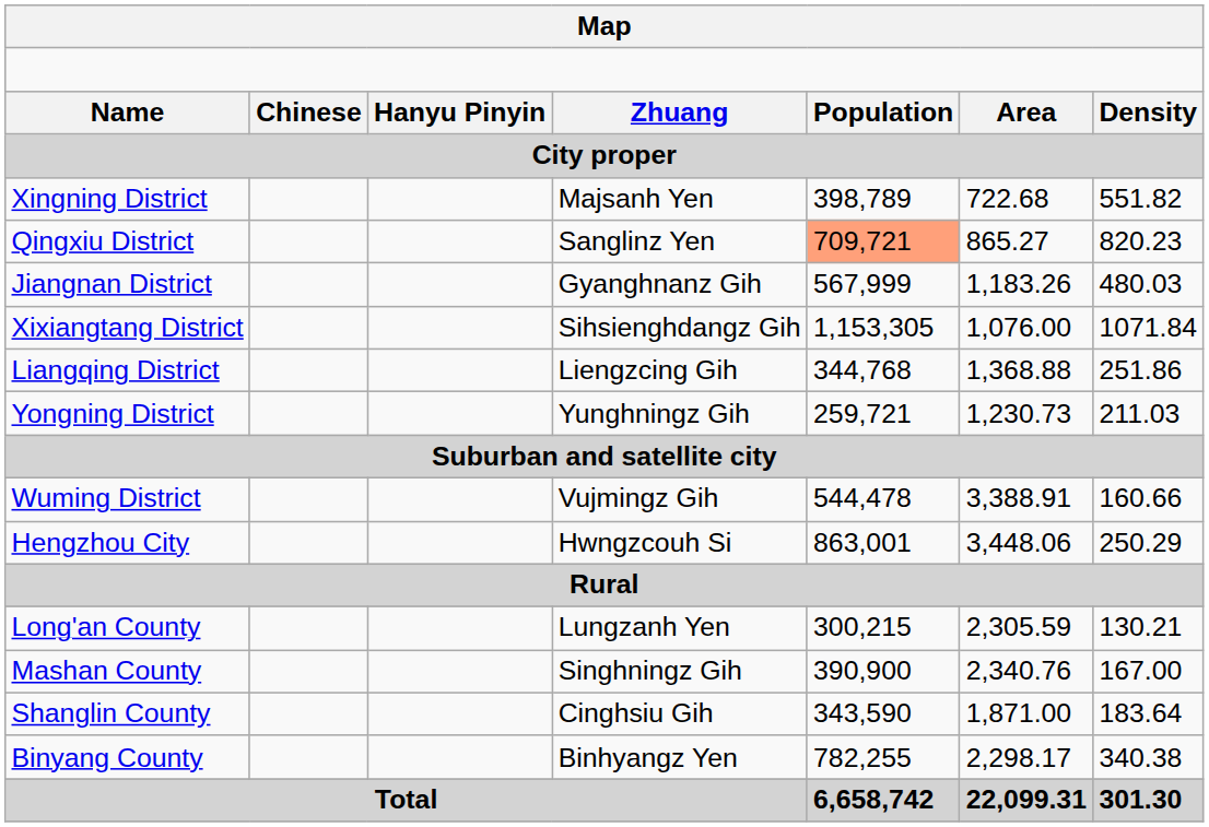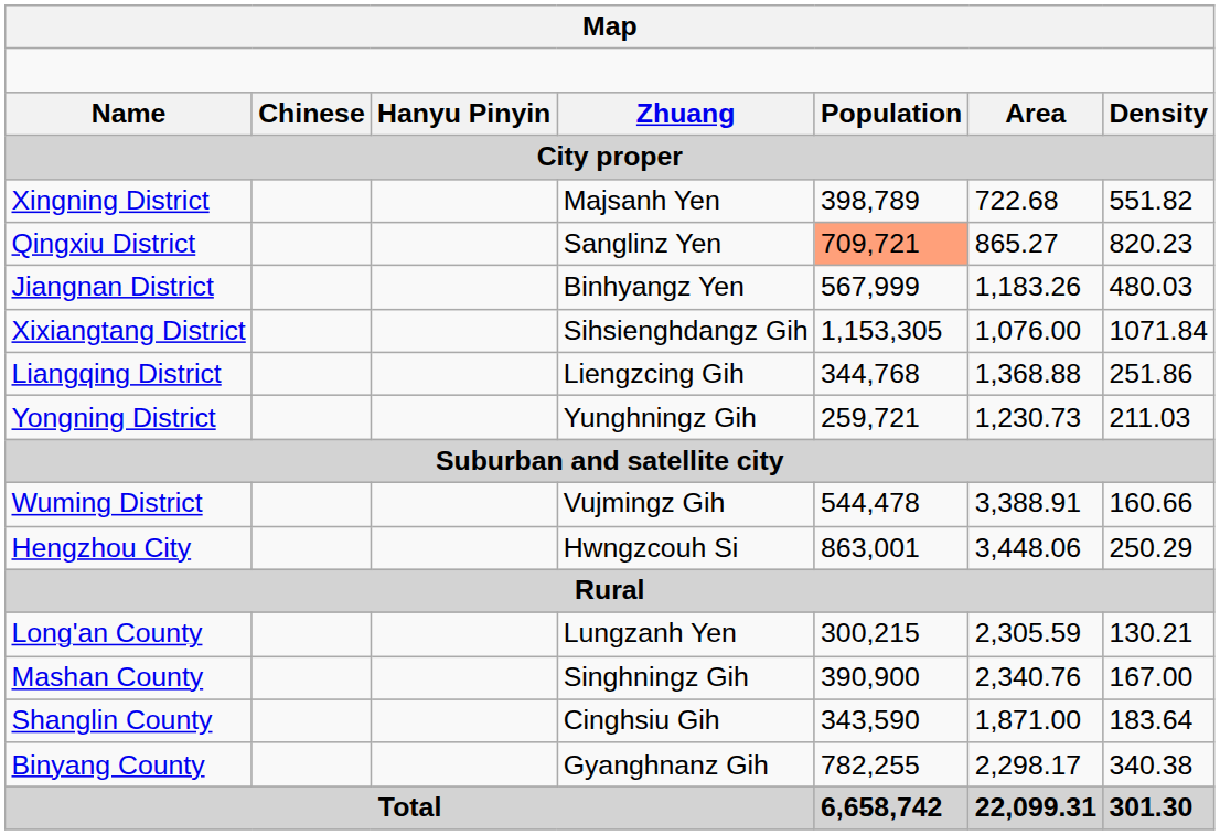 <table class="wikitable">
 <tr>
 <th colspan="7" align="center">Map</th>
 </tr>
 <tr>
 <td colspan="7"><div><br>               </div></td>
 </tr>
 <tr>
 <th>Name</th>
 <th>Chinese</th>
 <th>Hanyu Pinyin</th>
 <th><a href='#'>Zhuang</a></th>
 <th>Population </th>
 <th>Area </th>
 <th>Density </th>
 </tr>
 <tr>
 <td colspan="10" align="center" bgcolor="#D3D3D3"><strong>City proper</strong></td>
 </tr>
 <tr>
 <td><a href='#'>Xingning District</a></td>
 <td></td>
 <td></td>
 <td>Majsanh Yen</td>
 <td>398,789</td>
 <td>722.68</td>
 <td>551.82</td>
 </tr>
 <tr>
 <td><a href='#'>Qingxiu District</a></td>
 <td></td>
 <td></td>
 <td>Sanglinz Yen</td>
 <td style="background: lightsalmon;">709,721</td>
 <td>865.27</td>
 <td>820.23</td>
 </tr>
 <tr>
 <td><a href='#'>Jiangnan District</a></td>
 <td></td>
 <td></td>
-<td>Gyanghnanz Gih</td>
+<td>Binhyangz Yen</td>
 <td>567,999</td>
 <td>1,183.26</td>
 <td>480.03</td>
 </tr>
 <tr>
 <td><a href='#'>Xixiangtang District</a></td>
 <td></td>
 <td></td>
 <td>Sihsienghdangz Gih</td>
 <td>1,153,305</td>
 <td>1,076.00</td>
 <td>1071.84</td>
 </tr>
 <tr>
 <td><a href='#'>Liangqing District</a></td>
 <td></td>
 <td></td>
 <td>Liengzcing Gih</td>
 <td>344,768</td>
 <td>1,368.88</td>
 <td>251.86</td>
 </tr>
 <tr>
 <td><a href='#'>Yongning District</a></td>
 <td></td>
 <td></td>
 <td>Yunghningz Gih</td>
 <td>259,721</td>
 <td>1,230.73</td>
 <td>211.03</td>
 </tr>
 <tr>
 <td colspan="7" align="center" bgcolor="#D3D3D3"><strong>Suburban and satellite city</strong></td>
 </tr>
 <tr>
 <td><a href='#'>Wuming District</a></td>
 <td></td>
 <td></td>
 <td>Vujmingz Gih</td>
 <td>544,478</td>
 <td>3,388.91</td>
 <td>160.66</td>
 </tr>
 <tr>
 <td><a href='#'>Hengzhou City</a></td>
 <td></td>
 <td></td>
 <td>Hwngzcouh Si</td>
 <td>863,001</td>
 <td>3,448.06</td>
 <td>250.29</td>
 </tr>
 <tr>
 <td colspan="7" align="center" bgcolor="#D3D3D3"><strong>Rural</strong></td>
 </tr>
 <tr>
 <td><a href='#'>Long'an County</a></td>
 <td></td>
 <td></td>
 <td>Lungzanh Yen</td>
 <td>300,215</td>
 <td>2,305.59</td>
 <td>130.21</td>
 </tr>
 <tr>
 <td><a href='#'>Mashan County</a></td>
 <td></td>
 <td></td>
 <td>Singhningz Gih</td>
 <td>390,900</td>
 <td>2,340.76</td>
 <td>167.00</td>
 </tr>
 <tr>
 <td><a href='#'>Shanglin County</a></td>
 <td></td>
 <td></td>
 <td>Cinghsiu Gih</td>
 <td>343,590</td>
 <td>1,871.00</td>
 <td>183.64</td>
 </tr>
 <tr>
 <td><a href='#'>Binyang County</a></td>
 <td></td>
 <td></td>
-<td>Binhyangz Yen</td>
+<td>Gyanghnanz Gih</td>
 <td>782,255</td>
 <td>2,298.17</td>
 <td>340.38</td>
 </tr>
 <tr style="background:#d3d3d3;">
 <td colspan=4 style="text-align:center; "><strong>Total</strong></td>
 <td><strong>6,658,742</strong></td>
 <td><strong>22,099.31</strong></td>
 <td><strong>301.30</strong></td>
 </tr>
 </table>
